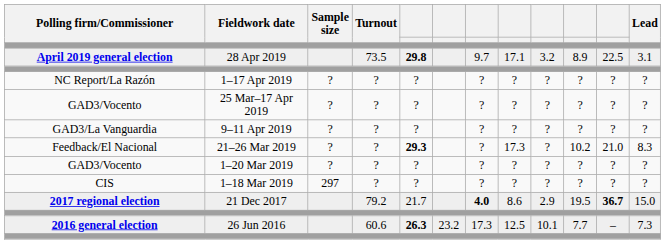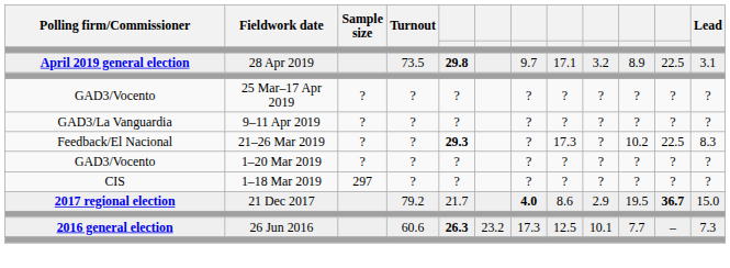 <table class="wikitable collapsible collapsed" style="text-align:center; font-size:95%; line-height:16px;">
 <tr style="height:42px;">
 <th style="width:250px;" rowspan="2">Polling firm/Commissioner</th>
 <th style="width:125px;" rowspan="2">Fieldwork date</th>
 <th style="width:50px;" rowspan="2">Sample size</th>
 <th style="width:45px;" rowspan="2">Turnout</th>
 <th style="width:35px;"></th>
 <th style="width:35px;"></th>
 <th style="width:35px;"></th>
 <th style="width:35px;"></th>
 <th style="width:35px;"></th>
 <th style="width:35px;"></th>
 <th style="width:35px;"></th>
 <th style="width:30px;" rowspan="2">Lead</th>
 </tr>
 <tr>
 <th style="color:inherit;background:"></th>
 <th style="color:inherit;background:"></th>
 <th style="color:inherit;background:"></th>
 <th style="color:inherit;background:"></th>
 <th style="color:inherit;background:"></th>
 <th style="color:inherit;background:"></th>
 <th style="color:inherit;background:"></th>
 </tr>
 <tr>
 <td colspan="12" style="background:#A0A0A0"></td>
 </tr>
 <tr style="background:#EFEFEF;">
 <td><strong><a href='#'>April 2019 general election</a></strong></td>
 <td>28 Apr 2019</td>
 <td></td>
 <td>73.5</td>
 <td><strong>29.8</strong><br></td>
 <td></td>
 <td>9.7<br></td>
 <td>17.1<br></td>
 <td>3.2<br></td>
 <td>8.9<br></td>
 <td>22.5<br></td>
 <td style="background:">3.1</td>
 </tr>
 <tr>
 <td colspan="12" style="background:#A0A0A0"></td>
 </tr>
 <tr>
-<td>NC Report/La Razón</td>
-<td>1–17 Apr 2019</td>
-<td>?</td>
-<td>?</td>
-<td>?<br></td>
-<td></td>
-<td>?<br></td>
-<td>?<br></td>
-<td>?<br></td>
-<td>?<br></td>
-<td>?<br></td>
-<td style="background:">?</td>
-</tr>
-<tr>
 <td>GAD3/Vocento</td>
 <td>25 Mar–17 Apr 2019</td>
 <td>?</td>
 <td>?</td>
 <td>?<br></td>
 <td></td>
 <td>?<br></td>
 <td>?<br></td>
 <td>?<br></td>
 <td>?<br></td>
 <td>?<br></td>
 <td style="background:">?</td>
 </tr>
 <tr>
 <td>GAD3/La Vanguardia</td>
 <td>9–11 Apr 2019</td>
 <td>?</td>
 <td>?</td>
 <td>?<br></td>
 <td></td>
 <td>?<br></td>
 <td>?<br></td>
 <td>?<br></td>
 <td>?<br></td>
 <td>?<br></td>
 <td style="background:">?</td>
 </tr>
 <tr>
 <td>Feedback/El Nacional</td>
 <td>21–26 Mar 2019</td>
 <td>?</td>
 <td>?</td>
 <td><strong>29.3</strong><br></td>
 <td></td>
 <td>?<br></td>
 <td>17.3<br></td>
 <td>?<br></td>
 <td>10.2<br></td>
-<td>21.0<br></td>
+<td>22.5<br></td>
 <td style="background:">8.3</td>
 </tr>
 <tr>
 <td>GAD3/Vocento</td>
 <td>1–20 Mar 2019</td>
 <td>?</td>
 <td>?</td>
 <td>?<br></td>
 <td></td>
 <td>?<br></td>
 <td>?<br></td>
 <td>?<br></td>
 <td>?<br></td>
 <td>?<br></td>
 <td style="background:">?</td>
 </tr>
 <tr>
 <td>CIS</td>
 <td>1–18 Mar 2019</td>
 <td>297</td>
 <td>?</td>
 <td>?<br></td>
 <td></td>
 <td>?<br></td>
 <td>?<br></td>
 <td>?<br></td>
 <td>?<br></td>
 <td>?<br></td>
 <td style="background:">?</td>
 </tr>
 <tr style="background:#EFEFEF;">
 <td><strong><a href='#'>2017 regional election</a></strong></td>
 <td>21 Dec 2017</td>
 <td></td>
 <td>79.2</td>
 <td>21.7<br></td>
 <td></td>
 <td><strong>4.0<br></strong></td>
 <td>8.6<br></td>
 <td>2.9<br></td>
 <td>19.5<br></td>
 <td><strong>36.7</strong><br></td>
 <td style="background:">15.0</td>
 </tr>
 <tr>
 <td colspan="12" style="background:#A0A0A0"></td>
 </tr>
 <tr style="background:#EFEFEF;">
 <td><strong><a href='#'>2016 general election</a></strong></td>
 <td>26 Jun 2016</td>
 <td></td>
 <td>60.6</td>
 <td><strong>26.3</strong><br></td>
 <td>23.2<br></td>
 <td>17.3<br></td>
 <td>12.5<br></td>
 <td>10.1<br></td>
 <td>7.7<br></td>
 <td>–</td>
 <td style="background:">7.3</td>
 </tr>
 <tr>
 <td colspan="12" style="background:#A0A0A0"></td>
 </tr>
 </table>
